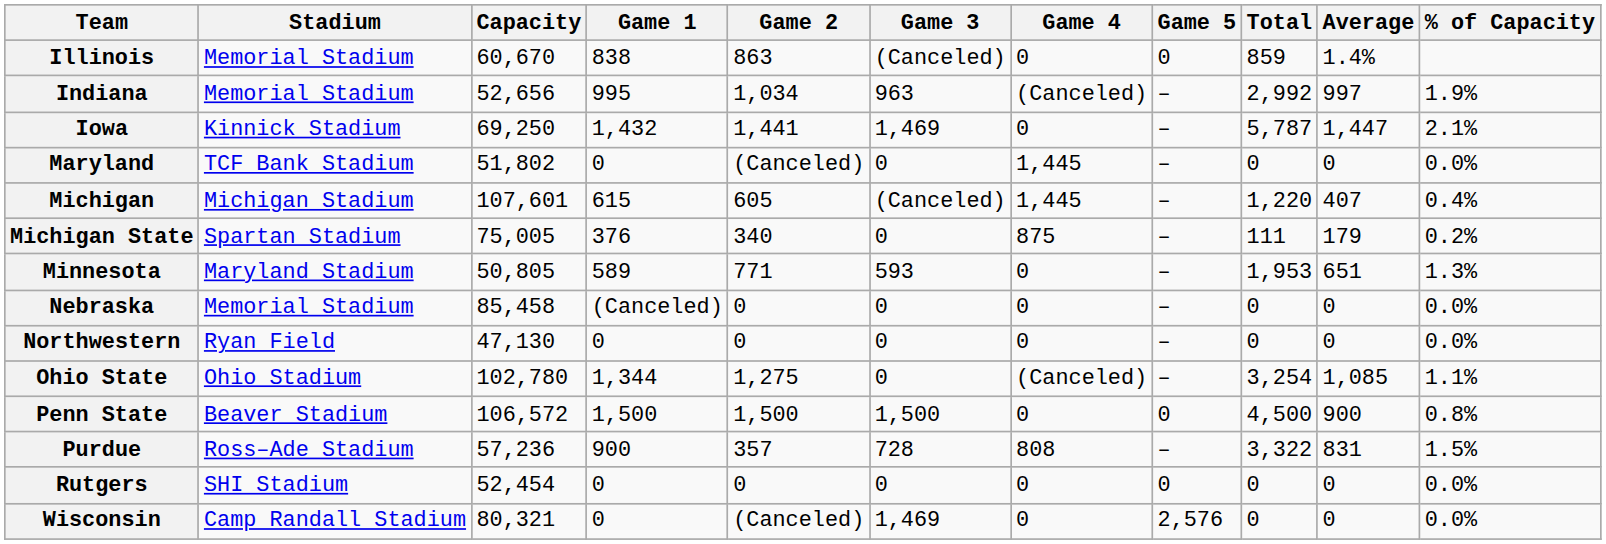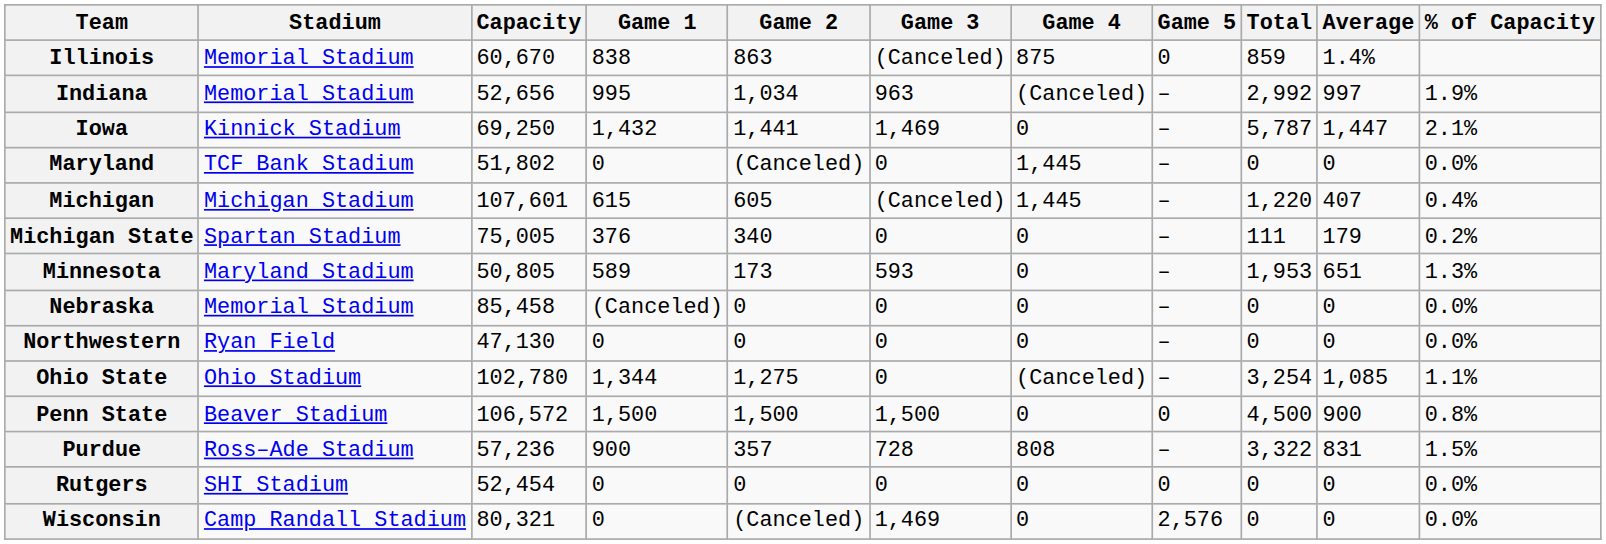 <table class="wikitable sortable">
 <tr>
 <th>Team</th>
 <th>Stadium</th>
 <th>Capacity</th>
 <th>Game 1</th>
 <th>Game 2</th>
 <th>Game 3</th>
 <th>Game 4</th>
 <th>Game 5</th>
 <th>Total</th>
 <th>Average</th>
 <th>% of Capacity</th>
 </tr>
 <tr>
 <th>Illinois</th>
 <td><a href='#'>Memorial Stadium</a></td>
 <td>60,670</td>
 <td>838</td>
 <td>863</td>
 <td>(Canceled)</td>
-<td>0</td>
+<td>875</td>
 <td>0</td>
 <td>859</td>
 <td>1.4%</td>
 </tr>
 <tr>
 <th>Indiana</th>
 <td><a href='#'>Memorial Stadium</a></td>
 <td>52,656</td>
 <td>995</td>
 <td>1,034</td>
 <td>963</td>
 <td>(Canceled)</td>
 <td>–</td>
 <td>2,992</td>
 <td>997</td>
 <td>1.9%</td>
 </tr>
 <tr>
 <th>Iowa</th>
 <td><a href='#'>Kinnick Stadium</a></td>
 <td>69,250</td>
 <td>1,432</td>
 <td>1,441</td>
 <td>1,469</td>
 <td>0</td>
 <td>–</td>
 <td>5,787</td>
 <td>1,447</td>
 <td>2.1%</td>
 </tr>
 <tr>
 <th>Maryland</th>
 <td><a href='#'>TCF Bank Stadium</a></td>
 <td>51,802</td>
 <td>0</td>
 <td>(Canceled)</td>
 <td>0</td>
 <td>1,445</td>
 <td>–</td>
 <td>0</td>
 <td>0</td>
 <td>0.0%</td>
 </tr>
 <tr>
 <th>Michigan</th>
 <td><a href='#'>Michigan Stadium</a></td>
 <td>107,601</td>
 <td>615</td>
 <td>605</td>
 <td>(Canceled)</td>
 <td>1,445</td>
 <td>–</td>
 <td>1,220</td>
 <td>407</td>
 <td>0.4%</td>
 </tr>
 <tr>
 <th>Michigan State</th>
 <td><a href='#'>Spartan Stadium</a></td>
 <td>75,005</td>
 <td>376</td>
 <td>340</td>
 <td>0</td>
-<td>875</td>
+<td>0</td>
 <td>–</td>
 <td>111</td>
 <td>179</td>
 <td>0.2%</td>
 </tr>
 <tr>
 <th>Minnesota</th>
 <td><a href='#'>Maryland Stadium</a></td>
 <td>50,805</td>
 <td>589</td>
-<td>771</td>
+<td>173</td>
 <td>593</td>
 <td>0</td>
 <td>–</td>
 <td>1,953</td>
 <td>651</td>
 <td>1.3%</td>
 </tr>
 <tr>
 <th>Nebraska</th>
 <td><a href='#'>Memorial Stadium</a></td>
 <td>85,458</td>
 <td>(Canceled)</td>
 <td>0</td>
 <td>0</td>
 <td>0</td>
 <td>–</td>
 <td>0</td>
 <td>0</td>
 <td>0.0%</td>
 </tr>
 <tr>
 <th>Northwestern</th>
 <td><a href='#'>Ryan Field</a></td>
 <td>47,130</td>
 <td>0</td>
 <td>0</td>
 <td>0</td>
 <td>0</td>
 <td>–</td>
 <td>0</td>
 <td>0</td>
 <td>0.0%</td>
 </tr>
 <tr>
 <th>Ohio State</th>
 <td><a href='#'>Ohio Stadium</a></td>
 <td>102,780</td>
 <td>1,344</td>
 <td>1,275</td>
 <td>0</td>
 <td>(Canceled)</td>
 <td>–</td>
 <td>3,254</td>
 <td>1,085</td>
 <td>1.1%</td>
 </tr>
 <tr>
 <th>Penn State</th>
 <td><a href='#'>Beaver Stadium</a></td>
 <td>106,572</td>
 <td>1,500</td>
 <td>1,500</td>
 <td>1,500</td>
 <td>0</td>
 <td>0</td>
 <td>4,500</td>
 <td>900</td>
 <td>0.8%</td>
 </tr>
 <tr>
 <th>Purdue</th>
 <td><a href='#'>Ross–Ade Stadium</a></td>
 <td>57,236</td>
 <td>900</td>
 <td>357</td>
 <td>728</td>
 <td>808</td>
 <td>–</td>
 <td>3,322</td>
 <td>831</td>
 <td>1.5%</td>
 </tr>
 <tr>
 <th>Rutgers</th>
 <td><a href='#'>SHI Stadium</a></td>
 <td>52,454</td>
 <td>0</td>
 <td>0</td>
 <td>0</td>
 <td>0</td>
 <td>0</td>
 <td>0</td>
 <td>0</td>
 <td>0.0%</td>
 </tr>
 <tr>
 <th>Wisconsin</th>
 <td><a href='#'>Camp Randall Stadium</a></td>
 <td>80,321</td>
 <td>0</td>
 <td>(Canceled)</td>
 <td>1,469</td>
 <td>0</td>
 <td>2,576</td>
 <td>0</td>
 <td>0</td>
 <td>0.0%</td>
 </tr>
 </table>
